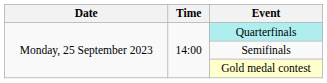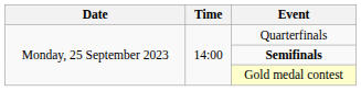 <table class = "wikitable" style="text-align:center;">
 <tr>
 <th width=220>Date</th>
 <th width=50>Time</th>
 <th width=150>Event</th>
 </tr>
 <tr>
 <td rowspan=3>Monday, 25 September 2023</td>
 <td rowspan=3>14:00</td>
-<td style="background: paleturquoise;">Quarterfinals</td>
+<td>Quarterfinals</td>
 </tr>
 <tr>
-<td>Semifinals</td>
+<td><strong>Semifinals</strong></td>
 </tr>
 <tr>
 <td bgcolor=ffffcc>Gold medal contest</td>
 </tr>
 </table>
